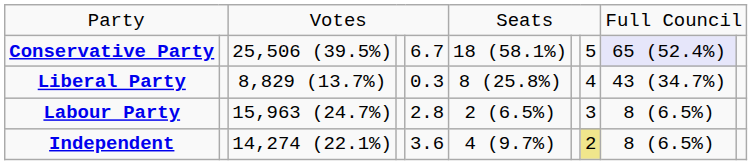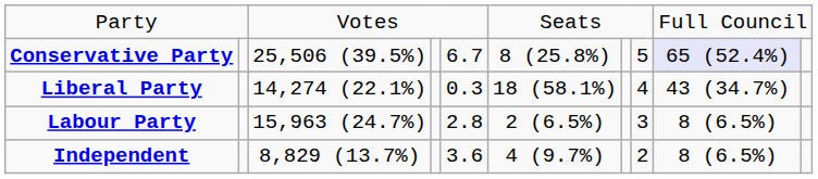 <table class=wikitable style="text-align:center;">
 <tr>
 <td colspan=2>Party</td>
 <td colspan=3>Votes</td>
 <td colspan=3>Seats</td>
 <td colspan=3>Full Council</td>
 </tr>
 <tr>
 <td><strong><a href='#'>Conservative Party</a></strong></td>
 <td style="background:"></td>
 <td>25,506 (39.5%)</td>
 <td></td>
 <td> 6.7</td>
-<td>18 (58.1%)</td>
+<td>8 (25.8%)</td>
 <td></td>
 <td> 5</td>
 <td style="background: lavender;">65 (52.4%)</td>
 <td></td>
 </tr>
 <tr>
 <td><strong><a href='#'>Liberal Party</a></strong></td>
 <td style="background:"></td>
-<td>8,829 (13.7%)</td>
+<td>14,274 (22.1%)</td>
 <td></td>
 <td> 0.3</td>
-<td>8 (25.8%)</td>
+<td>18 (58.1%)</td>
 <td></td>
 <td> 4</td>
 <td>43 (34.7%)</td>
 <td></td>
 </tr>
 <tr>
 <td><strong><a href='#'>Labour Party</a></strong></td>
 <td style="background:"></td>
 <td>15,963 (24.7%)</td>
 <td></td>
 <td> 2.8</td>
 <td>2 (6.5%)</td>
 <td></td>
 <td> 3</td>
 <td>8 (6.5%)</td>
 <td></td>
 </tr>
 <tr>
 <td><strong><a href='#'>Independent</a></strong></td>
 <td style="background:"></td>
-<td>14,274 (22.1%)</td>
+<td>8,829 (13.7%)</td>
 <td></td>
 <td> 3.6</td>
 <td>4 (9.7%)</td>
 <td></td>
-<td style="background: khaki;"> 2</td>
+<td> 2</td>
 <td>8 (6.5%)</td>
 <td></td>
 </tr>
 </table>
